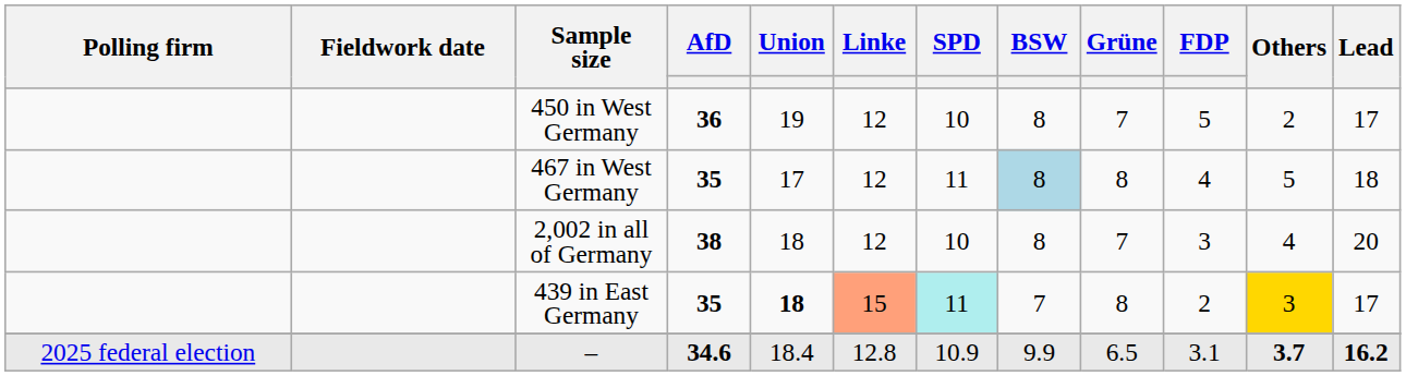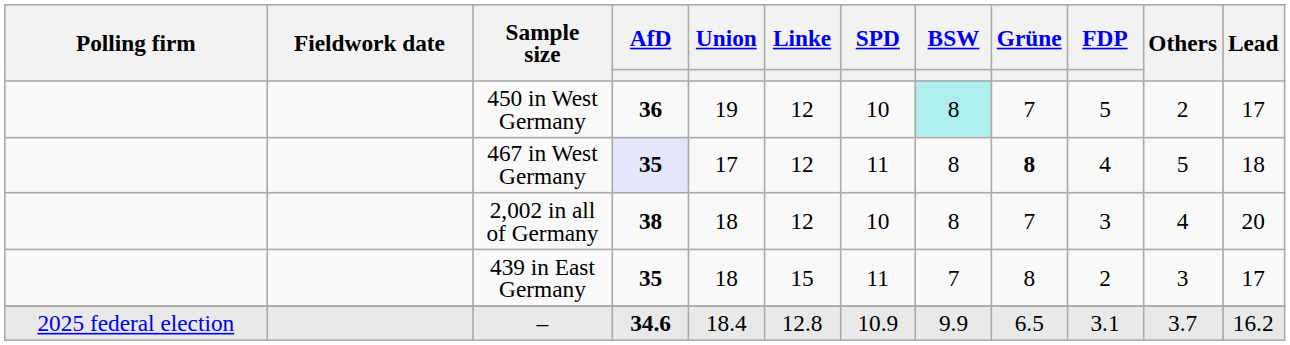 <table class="wikitable sortable mw-datatable mw-collapsible" style="text-align:center;font-size:90%;line-height:14px;">
 <tr style="height:40px;">
 <th style="width:155px;" rowspan="2">Polling firm</th>
 <th style="width:120px;" rowspan="2">Fieldwork date</th>
 <th style="width: 80px;" rowspan="2">Sample<br>size</th>
 <th class="unsortable" style="width:40px;"><a href='#'>AfD</a></th>
 <th class="unsortable" style="width:40px;"><a href='#'>Union</a></th>
 <th class="unsortable" style="width:40px;"><a href='#'>Linke</a></th>
 <th class="unsortable" style="width:40px;"><a href='#'>SPD</a></th>
 <th class="unsortable" style="width:40px;"><a href='#'>BSW</a></th>
 <th class="unsortable" style="width:40px;"><a href='#'>Grüne</a></th>
 <th class="unsortable" style="width:40px;"><a href='#'>FDP</a></th>
 <th class="unsortable" style="width:30px;" rowspan="2">Others</th>
 <th style="width:30px;" rowspan="2">Lead</th>
 </tr>
 <tr>
 <th style="background:"></th>
 <th style="background:"></th>
 <th style="background:"></th>
 <th style="background:"></th>
 <th style="background:"></th>
 <th style="background:"></th>
 <th style="background:"></th>
 </tr>
 <tr>
 <td></td>
 <td></td>
 <td>450 in West Germany</td>
 <td><strong>36</strong></td>
 <td>19</td>
 <td>12</td>
 <td>10</td>
-<td>8</td>
+<td style="background: paleturquoise;">8</td>
 <td>7</td>
 <td>5</td>
 <td>2</td>
 <td style="background:">17</td>
 </tr>
 <tr>
 <td></td>
 <td></td>
 <td>467 in West Germany</td>
-<td><strong>35</strong></td>
+<td style="background: lavender;"><strong>35</strong></td>
 <td>17</td>
 <td>12</td>
 <td>11</td>
-<td style="background: lightblue;">8</td>
 <td>8</td>
+<td><strong>8</strong></td>
 <td>4</td>
 <td>5</td>
 <td style="background:">18</td>
 </tr>
 <tr>
 <td></td>
 <td></td>
 <td>2,002 in all of Germany</td>
 <td><strong>38</strong></td>
 <td>18</td>
 <td>12</td>
 <td>10</td>
 <td>8</td>
 <td>7</td>
 <td>3</td>
 <td>4</td>
 <td style="background:">20</td>
 </tr>
 <tr>
 <td></td>
 <td></td>
 <td>439 in East Germany</td>
 <td><strong>35</strong></td>
-<td><strong>18</strong></td>
-<td style="background: lightsalmon;">15</td>
-<td style="background: paleturquoise;">11</td>
+<td>18</td>
+<td>15</td>
+<td>11</td>
 <td>7</td>
 <td>8</td>
 <td>2</td>
-<td style="background: gold;">3</td>
+<td>3</td>
 <td style="background:">17</td>
 </tr>
 <tr>
 </tr>
 <tr style="background:#E9E9E9;">
 <td><a href='#'>2025 federal election</a></td>
 <td></td>
 <td>–</td>
 <td><strong>34.6</strong></td>
 <td>18.4</td>
 <td>12.8</td>
 <td>10.9</td>
 <td>9.9</td>
 <td>6.5</td>
 <td>3.1</td>
-<td><strong>3.7</strong></td>
-<td style="background:"><strong>16.2</strong></td>
+<td>3.7</td>
+<td style="background:">16.2</td>
 </tr>
 </table>
